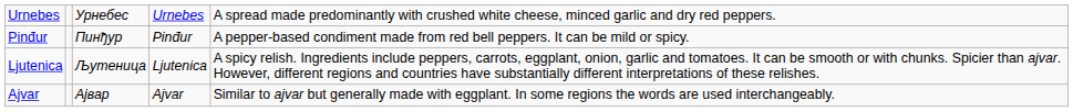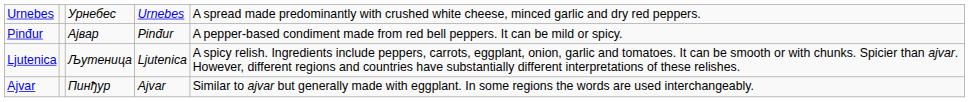 <table class="wikitable">
 <tr>
 <td><a href='#'>Urnebes</a></td>
 <td></td>
 <td><em>Урнебес</em></td>
 <td><em><a href='#'>Urnebes</a></em></td>
 <td>A spread made predominantly with crushed white cheese, minced garlic and dry red peppers.</td>
 </tr>
 <tr>
 <td><a href='#'>Pinđur</a></td>
 <td></td>
-<td><em>Пинђур</em></td>
+<td><em>Ајвар</em></td>
 <td><em>Pinđur</em></td>
 <td>A pepper-based condiment made from red bell peppers. It can be mild or spicy.</td>
 </tr>
 <tr>
 <td><a href='#'>Ljutenica</a></td>
 <td></td>
 <td><em>Љутеница</em></td>
 <td><em>Ljutenica</em></td>
 <td>A spicy relish. Ingredients include peppers, carrots, eggplant, onion, garlic and tomatoes. It can be smooth or with chunks. Spicier than <em>ajvar</em>. However, different regions and countries have substantially different interpretations of these relishes.</td>
 </tr>
 <tr>
 <td><a href='#'>Ajvar</a></td>
 <td></td>
-<td><em>Ајвар</em></td>
+<td><em>Пинђур</em></td>
 <td><em>Ajvar</em></td>
 <td>Similar to <em>ajvar</em> but generally made with eggplant. In some regions the words are used interchangeably.</td>
 </tr>
 </table>
